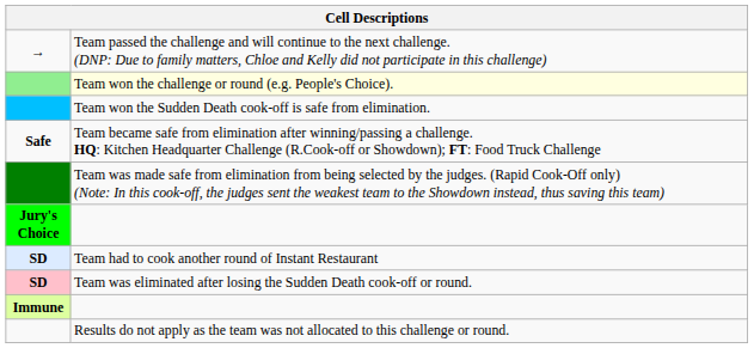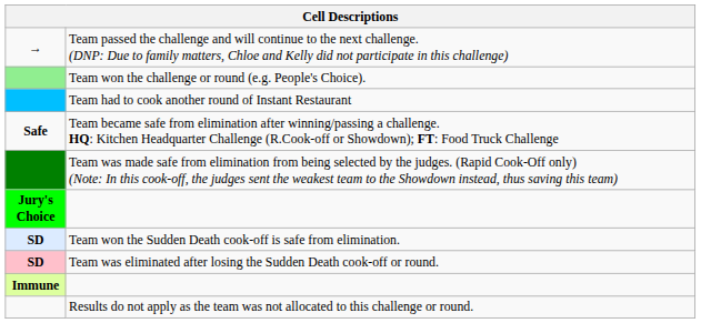 <table class="wikitable" style="margin: auto; text-align: left; font-size: 90%; line-height:18px; width:60%">
 <tr>
 <th colspan="2">Cell Descriptions</th>
 </tr>
 <tr>
 <td style="text-align:center"><strong>→</strong></td>
 <td>Team passed the challenge and will continue to the next challenge.<br><em>(DNP: Due to family matters, Chloe and Kelly did not participate in this challenge)</em></td>
 </tr>
 <tr>
 <td style=background:lightgreen></td>
-<td style="background: lightyellow;">Team won the challenge or round (e.g. People's Choice).</td>
+<td>Team won the challenge or round (e.g. People's Choice).</td>
 </tr>
 <tr>
 <td style=background:deepskyblue></td>
-<td>Team won the Sudden Death cook-off is safe from elimination.</td>
+<td>Team had to cook another round of Instant Restaurant</td>
 </tr>
 <tr>
 <td style="text-align:center"><strong>Safe</strong></td>
 <td>Team became safe from elimination after winning/passing a challenge.<br> <strong>HQ</strong>: Kitchen Headquarter Challenge (R.Cook-off or Showdown); <strong>FT</strong>: Food Truck Challenge</td>
 </tr>
 <tr>
 <td style="text-align:center; background:green;"></td>
 <td>Team was made safe from elimination from being selected by the judges. (Rapid Cook-Off only)<br>  <em>(Note: In this cook-off, the judges sent the weakest team to the Showdown instead, thus saving this team)</em></td>
 </tr>
 <tr>
 <td style="text-align:center; background:lime;"><strong>Jury's<br>Choice</strong></td>
 <td></td>
 </tr>
 <tr>
 <td style="text-align:center; background:#DCEBFF;"><strong>SD</strong></td>
-<td>Team had to cook another round of Instant Restaurant</td>
+<td>Team won the Sudden Death cook-off is safe from elimination.</td>
 </tr>
 <tr>
 <td style="text-align:center; background:pink;"><strong>SD</strong></td>
 <td>Team was eliminated after losing the Sudden Death cook-off or round.</td>
 </tr>
 <tr>
 <td style="text-align:center; background:#DDFF9F"><strong>Immune</strong></td>
 <td></td>
 </tr>
 <tr>
 <td></td>
 <td>Results do not apply as the team was not allocated to this challenge or round.</td>
 </tr>
 </table>
